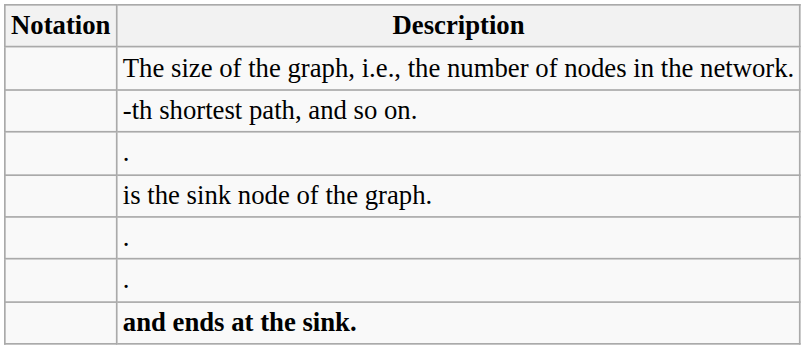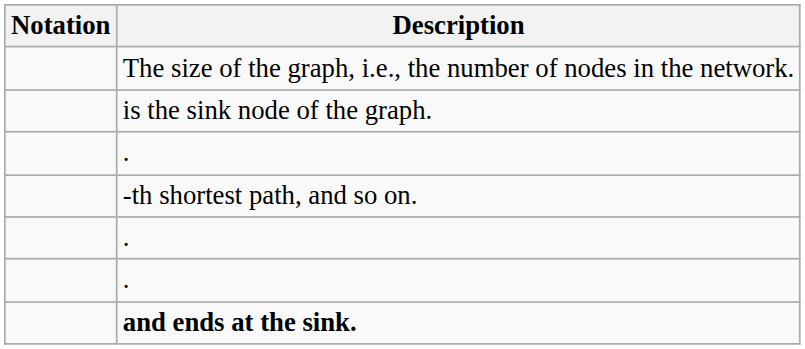 <table class="wikitable">
 <tr>
 <th>Notation</th>
 <th>Description</th>
 </tr>
 <tr>
 <td></td>
 <td>The size of the graph, i.e., the number of nodes in the network.</td>
 </tr>
 <tr>
 <td></td>
-<td>-th shortest path, and so on.</td>
+<td> is the sink node of the graph.</td>
 </tr>
 <tr>
 <td></td>
 <td>.</td>
 </tr>
 <tr>
 <td></td>
-<td> is the sink node of the graph.</td>
+<td>-th shortest path, and so on.</td>
 </tr>
 <tr>
 <td></td>
 <td>.</td>
 </tr>
 <tr>
 <td></td>
 <td>.</td>
 </tr>
 <tr>
 <td></td>
 <td><strong> and ends at the sink.</strong></td>
 </tr>
 </table>
